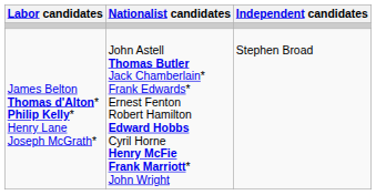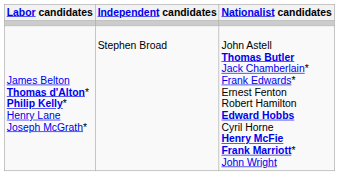 <table class="wikitable">
 <tr>
 <th><a href='#'>Labor</a> candidates</th>
+<th><a href='#'>Independent</a> candidates</th>
 <th><a href='#'>Nationalist</a> candidates</th>
-<th><a href='#'>Independent</a> candidates</th>
 </tr>
 <tr bgcolor="#cccccc">
 <td></td>
 <td></td>
 <td></td>
 </tr>
 <tr>
 <td><br><a href='#'>James Belton</a><br> <strong><a href='#'>Thomas d'Alton</a></strong>*<br> <strong><a href='#'>Philip Kelly</a></strong>*<br> <a href='#'>Henry Lane</a><br> <a href='#'>Joseph McGrath</a>*</td>
+<td valign=top><br>Stephen Broad</td>
 <td><br>John Astell<br> <strong><a href='#'>Thomas Butler</a></strong><br> <a href='#'>Jack Chamberlain</a>*<br> <a href='#'>Frank Edwards</a>*<br> Ernest Fenton<br> Robert Hamilton<br> <strong><a href='#'>Edward Hobbs</a></strong><br> Cyril Horne<br> <strong><a href='#'>Henry McFie</a></strong><br> <strong><a href='#'>Frank Marriott</a></strong>*<br> <a href='#'>John Wright</a></td>
-<td valign=top><br>Stephen Broad</td>
 </tr>
 </table>
